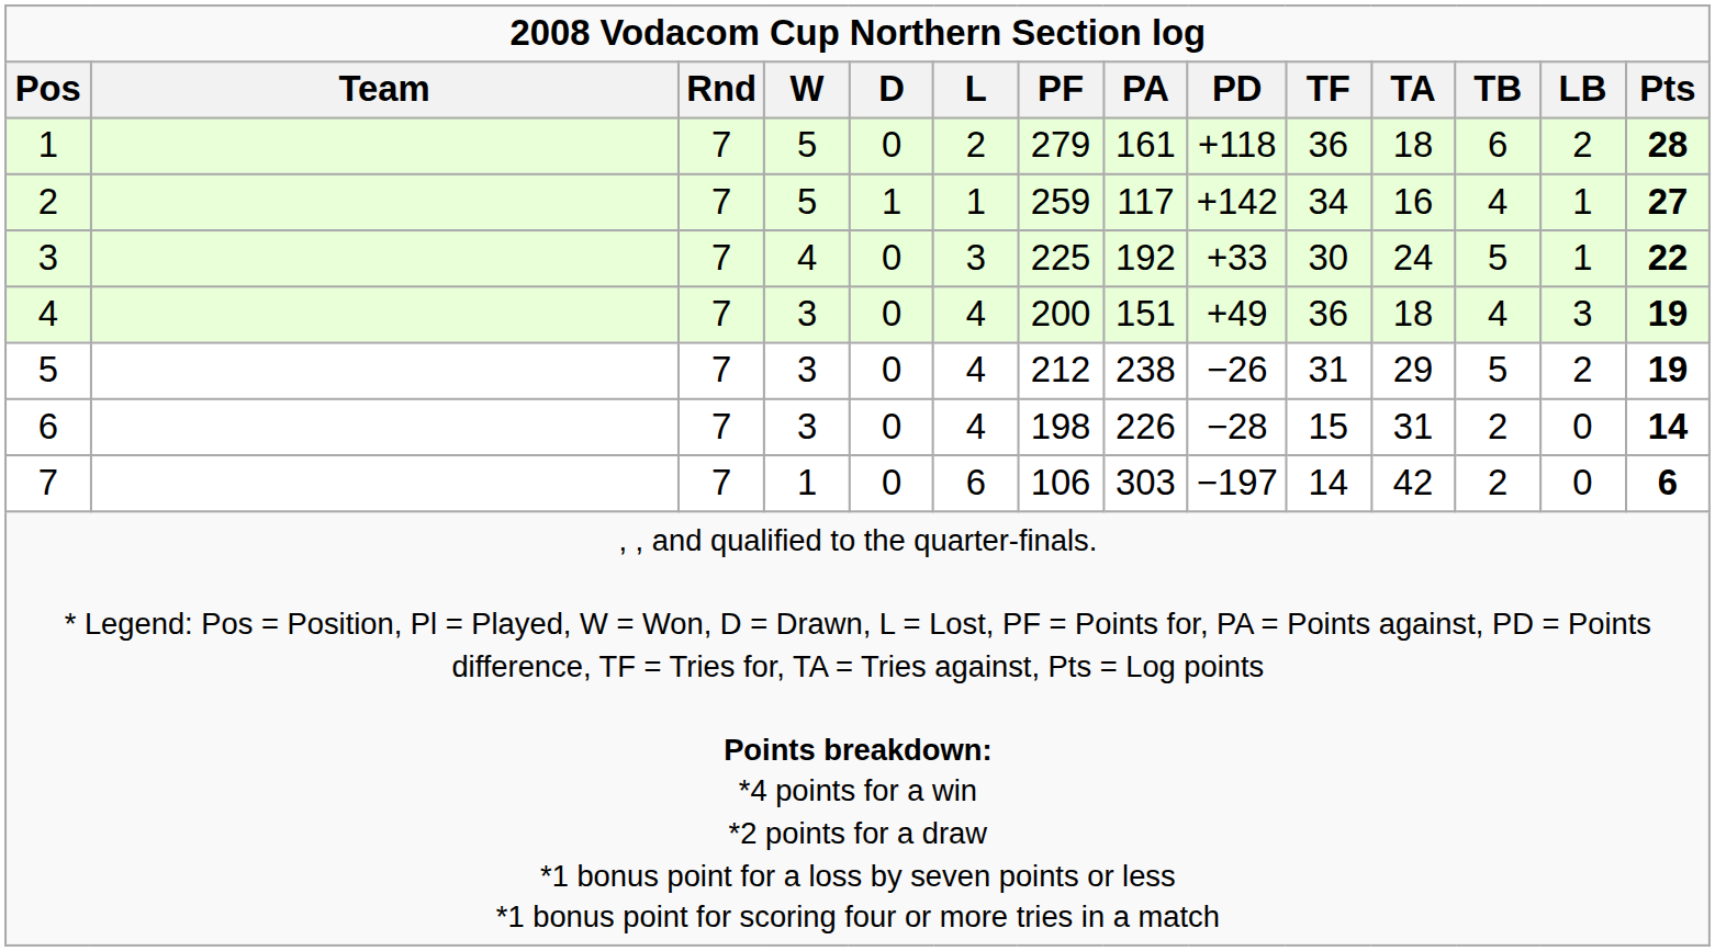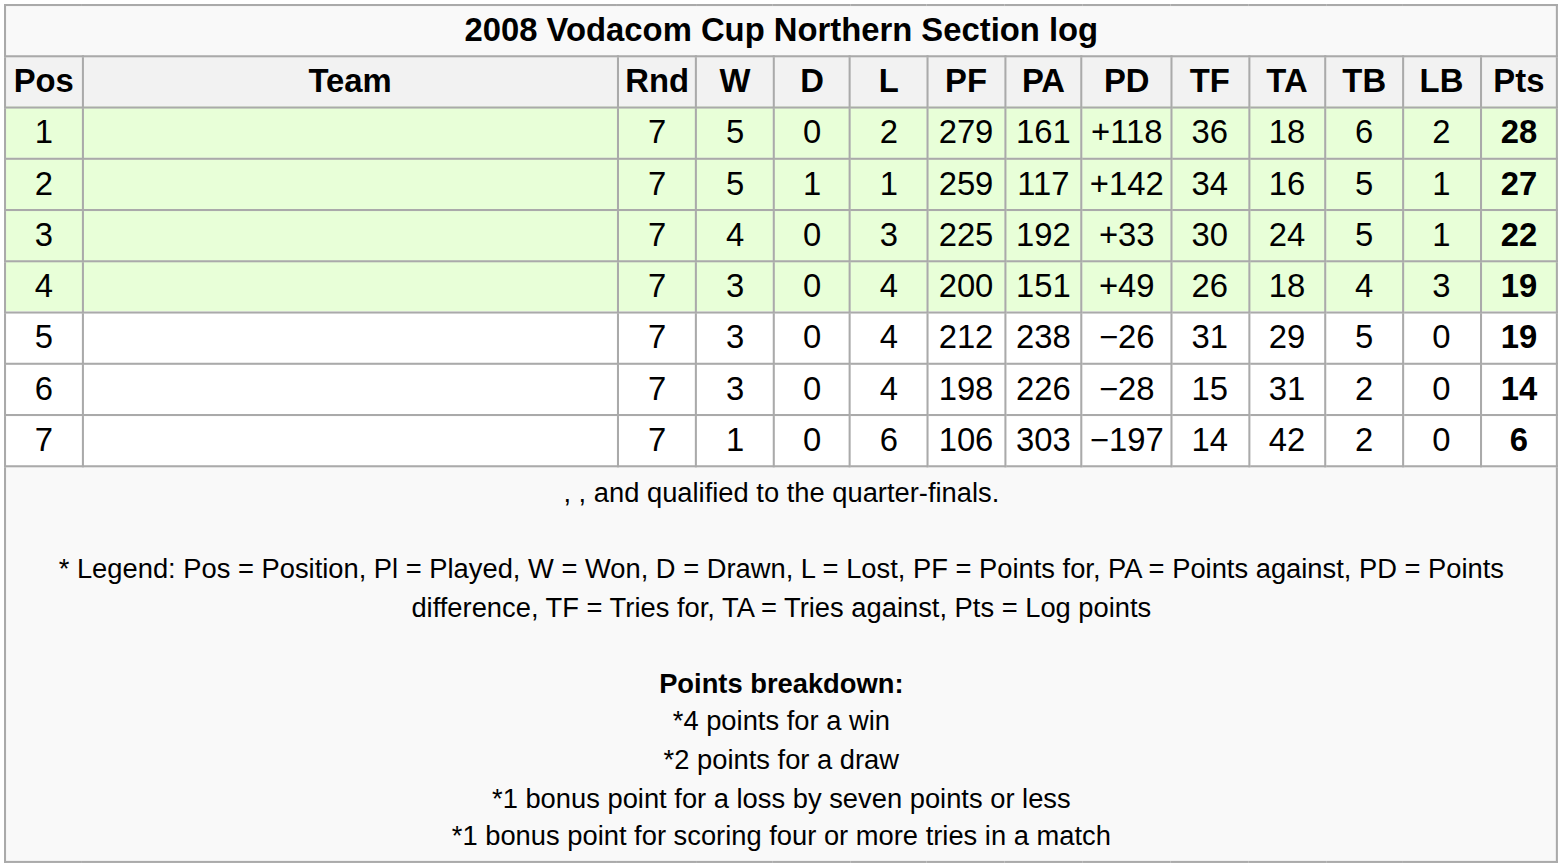 <table class="wikitable" style="text-align:center; line-height:110%; font-size:100%; width:60%;">
 <tr>
 <td colspan="14" cellpadding="0" cellspacing="0"><strong>2008 Vodacom Cup Northern Section log</strong></td>
 </tr>
 <tr>
 <th style="width:5%;">Pos</th>
 <th style="width:35%;">Team</th>
 <th style="width:5%;">Rnd</th>
 <th style="width:5%;">W</th>
 <th style="width:5%;">D</th>
 <th style="width:5%;">L</th>
 <th style="width:5%;">PF</th>
 <th style="width:5%;">PA</th>
 <th style="width:5%;">PD</th>
 <th style="width:5%;">TF</th>
 <th style="width:5%;">TA</th>
 <th style="width:5%;">TB</th>
 <th style="width:5%;">LB</th>
 <th style="width:5%;">Pts<br></th>
 </tr>
 <tr bgcolor=#E8FFD8 align=center>
 <td>1</td>
 <td align=left></td>
 <td>7</td>
 <td>5</td>
 <td>0</td>
 <td>2</td>
 <td>279</td>
 <td>161</td>
 <td>+118</td>
 <td>36</td>
 <td>18</td>
 <td>6</td>
 <td>2</td>
 <td><strong>28</strong></td>
 </tr>
 <tr bgcolor=#E8FFD8 align=center>
 <td>2</td>
 <td align=left></td>
 <td>7</td>
 <td>5</td>
 <td>1</td>
 <td>1</td>
 <td>259</td>
 <td>117</td>
 <td>+142</td>
 <td>34</td>
 <td>16</td>
-<td>4</td>
+<td>5</td>
 <td>1</td>
 <td><strong>27</strong></td>
 </tr>
 <tr bgcolor=#E8FFD8 align=center>
 <td>3</td>
 <td align=left></td>
 <td>7</td>
 <td>4</td>
 <td>0</td>
 <td>3</td>
 <td>225</td>
 <td>192</td>
 <td>+33</td>
 <td>30</td>
 <td>24</td>
 <td>5</td>
 <td>1</td>
 <td><strong>22</strong></td>
 </tr>
 <tr bgcolor=#E8FFD8 align=center>
 <td>4</td>
 <td align=left></td>
 <td>7</td>
 <td>3</td>
 <td>0</td>
 <td>4</td>
 <td>200</td>
 <td>151</td>
 <td>+49</td>
-<td>36</td>
+<td>26</td>
 <td>18</td>
 <td>4</td>
 <td>3</td>
 <td><strong>19</strong></td>
 </tr>
 <tr bgcolor=#FFFFFF align=center>
 <td>5</td>
 <td align=left></td>
 <td>7</td>
 <td>3</td>
 <td>0</td>
 <td>4</td>
 <td>212</td>
 <td>238</td>
 <td>−26</td>
 <td>31</td>
 <td>29</td>
 <td>5</td>
-<td>2</td>
+<td>0</td>
 <td><strong>19</strong></td>
 </tr>
 <tr bgcolor=#FFFFFF align=center>
 <td>6</td>
 <td align=left></td>
 <td>7</td>
 <td>3</td>
 <td>0</td>
 <td>4</td>
 <td>198</td>
 <td>226</td>
 <td>−28</td>
 <td>15</td>
 <td>31</td>
 <td>2</td>
 <td>0</td>
 <td><strong>14</strong></td>
 </tr>
 <tr bgcolor=#FFFFFF align=center>
 <td>7</td>
 <td align=left></td>
 <td>7</td>
 <td>1</td>
 <td>0</td>
 <td>6</td>
 <td>106</td>
 <td>303</td>
 <td>−197</td>
 <td>14</td>
 <td>42</td>
 <td>2</td>
 <td>0</td>
 <td><strong>6</strong></td>
 </tr>
 <tr>
 <td colspan="14" style="border:0px"><small>, ,  and  qualified to the quarter-finals.<br><br>* Legend: Pos = Position, Pl = Played, W = Won, D = Drawn, L = Lost, PF = Points for, PA = Points against, PD = Points difference, TF = Tries for, TA = Tries against, Pts = Log points<br><br><strong>Points breakdown:</strong><br>*4 points for a win<br>*2 points for a draw<br>*1 bonus point for a loss by seven points or less<br>*1 bonus point for scoring four or more tries in a match</small></td>
 </tr>
 </table>
